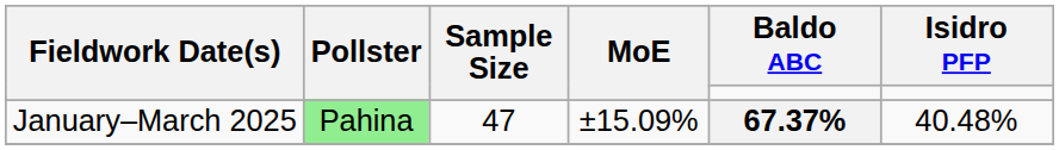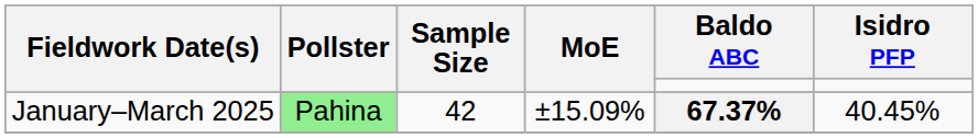 <table class="wikitable" style="text-align:center;font-size:90%;line-height:15px">
 <tr>
 <th rowspan="2">Fieldwork Date(s)</th>
 <th rowspan="2">Pollster</th>
 <th rowspan="2" style="width:60px;">Sample Size</th>
 <th rowspan="2" style="width:60px;">MoE</th>
 <th style="width:75px;">Baldo<br><small><a href='#'>ABC</a></small></th>
 <th style="width:75px;">Isidro<br><small><a href='#'>PFP</a></small></th>
 </tr>
 <tr>
 <td style="background:"></td>
 <td style="background:"></td>
 </tr>
 <tr>
 <td>January–March 2025</td>
 <td style="background: lightgreen;">Pahina</td>
-<td>47</td>
+<td>42</td>
 <td>±15.09%</td>
 <th style="background-color:#">67.37%</th>
-<td>40.48%</td>
+<td>40.45%</td>
 </tr>
 <tr>
 </tr>
 </table>
